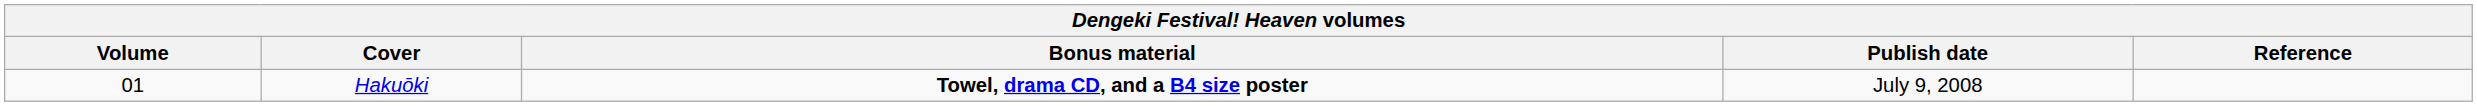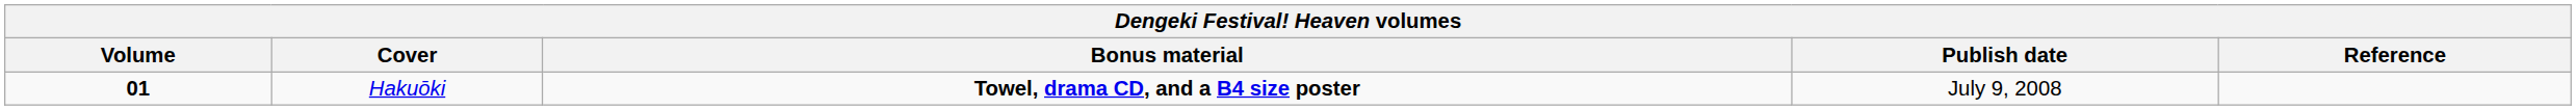 <table class="wikitable" style="width: 98%; text-align: center;">
 <tr>
 <th ! colspan="5"><em>Dengeki Festival! Heaven</em> volumes</th>
 </tr>
 <tr>
 <th>Volume</th>
 <th>Cover</th>
 <th>Bonus material</th>
 <th>Publish date</th>
 <th>Reference</th>
 </tr>
 <tr>
-<td>01</td>
+<td><strong>01</strong></td>
 <td><em><a href='#'>Hakuōki</a></em></td>
 <td><strong>Towel, <a href='#'>drama CD</a>, and a <a href='#'>B4 size</a> poster</strong></td>
 <td>July 9, 2008</td>
 <td></td>
 </tr>
 </table>
